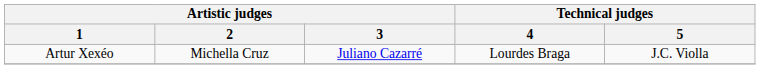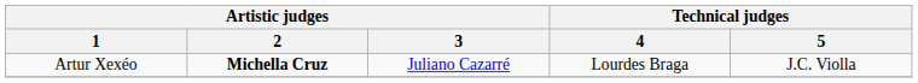 <table class="wikitable" style="font-size:100%; line-height:16px; text-align:center" width="100%">
 <tr>
 <th colspan=3>Artistic judges</th>
 <th colspan=2>Technical judges</th>
 </tr>
 <tr>
 <th width="20%">1</th>
 <th width="20%">2</th>
 <th width="20%">3</th>
 <th width="20%">4</th>
 <th width="20%">5</th>
 </tr>
 <tr>
 <td>Artur Xexéo</td>
-<td>Michella Cruz</td>
+<td><strong>Michella Cruz</strong></td>
 <td><a href='#'>Juliano Cazarré</a></td>
 <td>Lourdes Braga</td>
 <td>J.C. Violla</td>
 </tr>
 <tr>
 </tr>
 </table>
